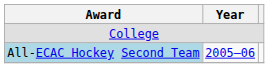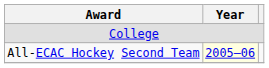 <table class="wikitable">
 <tr>
 <th>Award</th>
 <th>Year</th>
 <th></th>
 </tr>
 <tr ALIGN="center" bgcolor="#e0e0e0">
 <td colspan="3"><a href='#'>College</a></td>
 </tr>
 <tr>
-<td style="background: lightblue;">All-<a href='#'>ECAC Hockey</a> <a href='#'>Second Team</a></td>
-<td><a href='#'>2005–06</a></td>
+<td>All-<a href='#'>ECAC Hockey</a> <a href='#'>Second Team</a></td>
+<td style="background: lightyellow;"><a href='#'>2005–06</a></td>
 <td></td>
 </tr>
 <tr>
 </tr>
 </table>
